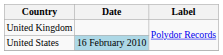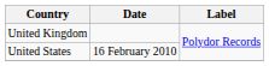 <table class="wikitable">
 <tr>
 <th align="center">Country</th>
 <th align="center">Date</th>
 <th align="center">Label</th>
 </tr>
 <tr>
 <td align="left">United Kingdom</td>
 <td align="left"></td>
 <td align="left" rowspan="2"><a href='#'>Polydor Records</a></td>
 </tr>
 <tr>
 <td align="left">United States</td>
-<td align="left" style="background: lightblue;">16 February 2010</td>
+<td align="left">16 February 2010</td>
 </tr>
 <tr>
 </tr>
 </table>
